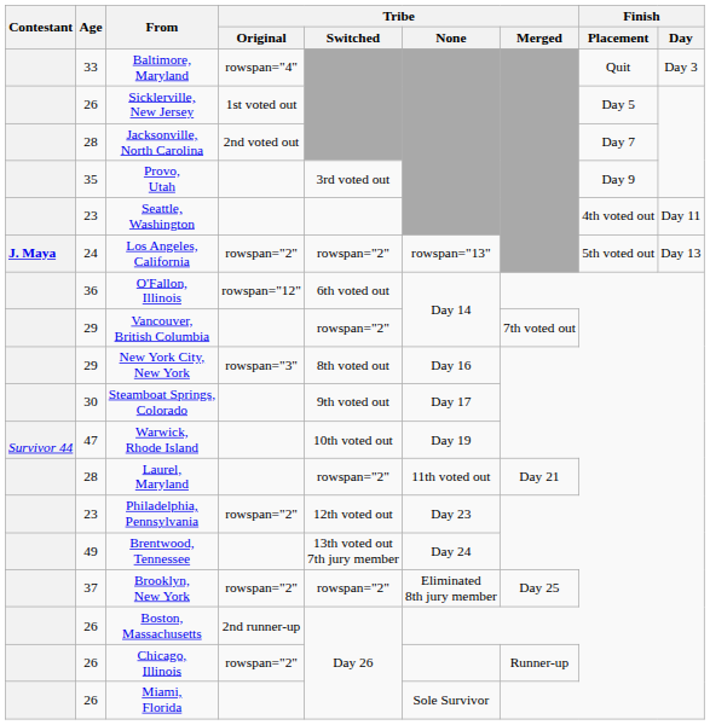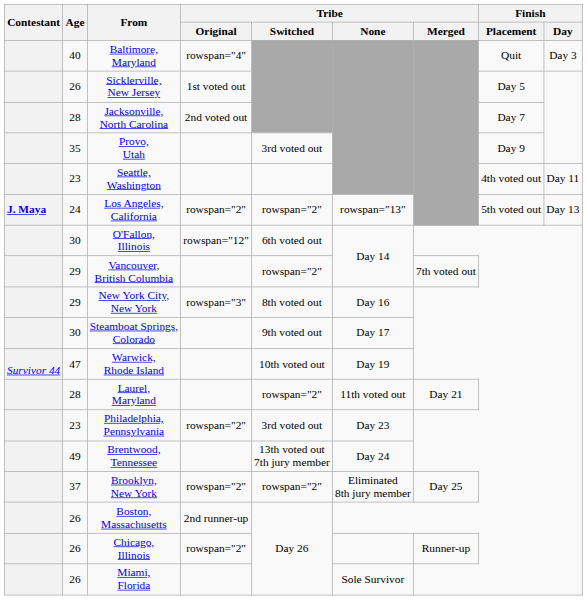 <table class="wikitable sortable" style="text-align:center;">
 <tr>
 <th rowspan="2" scope="col">Contestant</th>
 <th rowspan="2" scope="col">Age</th>
 <th rowspan="2" scope="col" class="unsortable">From</th>
 <th colspan="4" scope="colgroup">Tribe</th>
 <th colspan="2" scope="colgroup">Finish</th>
 </tr>
 <tr>
 <th scope="col">Original</th>
 <th scope="col">Switched</th>
 <th scope="col" class="unsortable">None</th>
 <th class="unsortable">Merged</th>
 <th scope="col" class=unsortable>Placement</th>
 <th scope="col" class=unsortable>Day</th>
 </tr>
 <tr>
 <th scope="row" style="text-align:left"></th>
-<td>33</td>
+<td>40</td>
 <td><a href='#'>Baltimore,<br>Maryland</a></td>
 <td>rowspan="4" </td>
 <td rowspan="3" bgcolor="darkgray"></td>
 <td rowspan="5" bgcolor="darkgray"></td>
 <td rowspan="6" bgcolor="darkgray"></td>
 <td>Quit</td>
 <td>Day 3</td>
 </tr>
 <tr>
 <th scope="row" style="text-align:left"></th>
 <td>26</td>
 <td><a href='#'>Sicklerville,<br>New Jersey</a></td>
 <td>1st voted out</td>
 <td>Day 5</td>
 </tr>
 <tr>
 <th scope="row" style="text-align:left"></th>
 <td>28</td>
 <td><a href='#'>Jacksonville,<br>North Carolina</a></td>
 <td>2nd voted out</td>
 <td>Day 7</td>
 </tr>
 <tr>
 <th scope="row" style="text-align:left"></th>
 <td>35</td>
 <td><a href='#'>Provo,<br>Utah</a></td>
 <td></td>
 <td>3rd voted out</td>
 <td>Day 9</td>
 </tr>
 <tr>
 <th scope="row" style="text-align:left"></th>
 <td>23</td>
 <td><a href='#'>Seattle,<br>Washington</a></td>
 <td></td>
 <td></td>
 <td>4th voted out</td>
 <td>Day 11</td>
 </tr>
 <tr>
 <th scope="erow" style="text-align:left"><a href='#'>J. Maya</a></th>
 <td>24</td>
 <td><a href='#'>Los Angeles,<br>California</a></td>
 <td>rowspan="2" </td>
 <td>rowspan="2" </td>
 <td>rowspan="13" </td>
 <td>5th voted out</td>
 <td>Day 13</td>
 </tr>
 <tr>
 <th scope="row" style="text-align:left"></th>
-<td>36</td>
+<td>30</td>
 <td><a href='#'>O'Fallon,<br>Illinois</a></td>
 <td>rowspan="12" </td>
 <td>6th voted out</td>
 <td rowspan="2">Day 14</td>
 </tr>
 <tr>
 <th scope="row" style="text-align:left"></th>
 <td>29</td>
 <td><a href='#'>Vancouver,<br>British Columbia</a></td>
 <td></td>
 <td>rowspan="2" </td>
 <td>7th voted out<br></td>
 </tr>
 <tr>
 <th scope="row" style="text-align:left"></th>
 <td>29</td>
 <td><a href='#'>New York City,<br>New York</a></td>
 <td>rowspan="3" </td>
 <td>8th voted out<br></td>
 <td>Day 16</td>
 </tr>
 <tr>
 <th scope="row" style="text-align:left"></th>
 <td>30</td>
 <td><a href='#'>Steamboat Springs,<br>Colorado</a></td>
 <td></td>
 <td>9th voted out<br></td>
 <td>Day 17</td>
 </tr>
 <tr>
 <th scope="row" style="text-align:left;font-weight:normal"><strong></strong><br><em><a href='#'>Survivor 44</a></em></th>
 <td>47</td>
 <td><a href='#'>Warwick,<br>Rhode Island</a></td>
 <td></td>
 <td>10th voted out<br></td>
 <td>Day 19</td>
 </tr>
 <tr>
 <th scope="row" style="text-align:left"></th>
 <td>28</td>
 <td><a href='#'>Laurel,<br>Maryland</a></td>
 <td></td>
 <td>rowspan="2" </td>
 <td>11th voted out<br></td>
 <td>Day 21</td>
 </tr>
 <tr>
 <th scope="row" style="text-align:left"></th>
 <td>23</td>
 <td><a href='#'>Philadelphia,<br>Pennsylvania</a></td>
 <td>rowspan="2" </td>
-<td>12th voted out<br></td>
+<td>3rd voted out</td>
 <td>Day 23</td>
 </tr>
 <tr>
 <th scope="row" style="text-align:left"></th>
 <td>49</td>
 <td><a href='#'>Brentwood,<br>Tennessee</a></td>
 <td></td>
 <td>13th voted out<br>7th jury member</td>
 <td>Day 24</td>
 </tr>
 <tr>
 <th scope="row" style="text-align:left"></th>
 <td>37</td>
 <td><a href='#'>Brooklyn,<br>New York</a></td>
 <td>rowspan="2" </td>
 <td>rowspan="2" </td>
 <td>Eliminated<br>8th jury member</td>
 <td>Day 25</td>
 </tr>
 <tr>
 <th scope="row" style="text-align:left"></th>
 <td>26</td>
 <td><a href='#'>Boston,<br>Massachusetts</a></td>
 <td>2nd runner-up</td>
 <td rowspan="3">Day 26</td>
 </tr>
 <tr>
 <th scope="row" style="text-align:left"></th>
 <td>26</td>
 <td><a href='#'>Chicago,<br>Illinois</a></td>
 <td>rowspan="2" </td>
 <td></td>
 <td>Runner-up</td>
 </tr>
 <tr>
 <th scope="row" style="text-align:left"></th>
 <td>26</td>
 <td><a href='#'>Miami,<br>Florida</a></td>
 <td></td>
 <td>Sole Survivor</td>
 </tr>
 </table>
